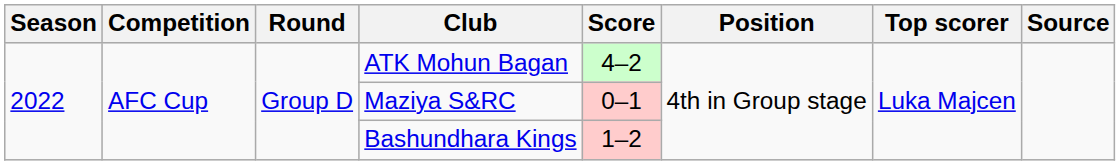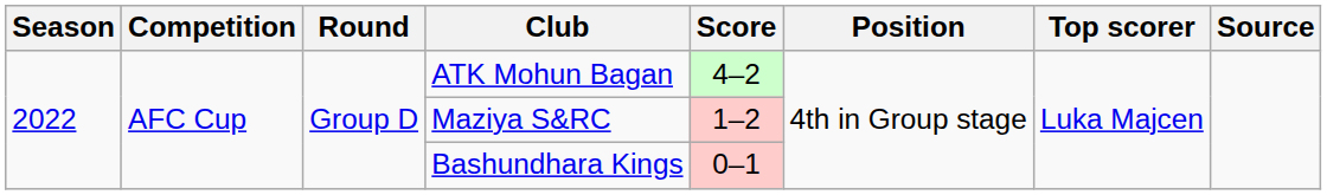 <table class="wikitable">
 <tr>
 <th>Season</th>
 <th>Competition</th>
 <th>Round</th>
 <th>Club</th>
 <th>Score</th>
 <th>Position</th>
 <th>Top scorer</th>
 <th>Source</th>
 </tr>
 <tr>
 <td rowspan="3"><a href='#'>2022</a></td>
 <td rowspan="3"><a href='#'>AFC Cup</a></td>
 <td rowspan="3"><a href='#'>Group D</a></td>
 <td> <a href='#'>ATK Mohun Bagan</a></td>
 <td style="text-align:center;" bgcolor=#CFC>4–2</td>
 <td rowspan="3">4th in Group stage</td>
 <td rowspan="3"> <a href='#'>Luka Majcen</a><br></td>
 <td rowspan="3"></td>
 </tr>
 <tr>
 <td> <a href='#'>Maziya S&RC</a></td>
-<td style="text-align:center;" bgcolor=#FCC>0–1</td>
+<td style="text-align:center;" bgcolor=#FCC>1–2</td>
 </tr>
 <tr>
 <td> <a href='#'>Bashundhara Kings</a></td>
-<td style="text-align:center;" bgcolor=#FCC>1–2</td>
+<td style="text-align:center;" bgcolor=#FCC>0–1</td>
 </tr>
 </table>
